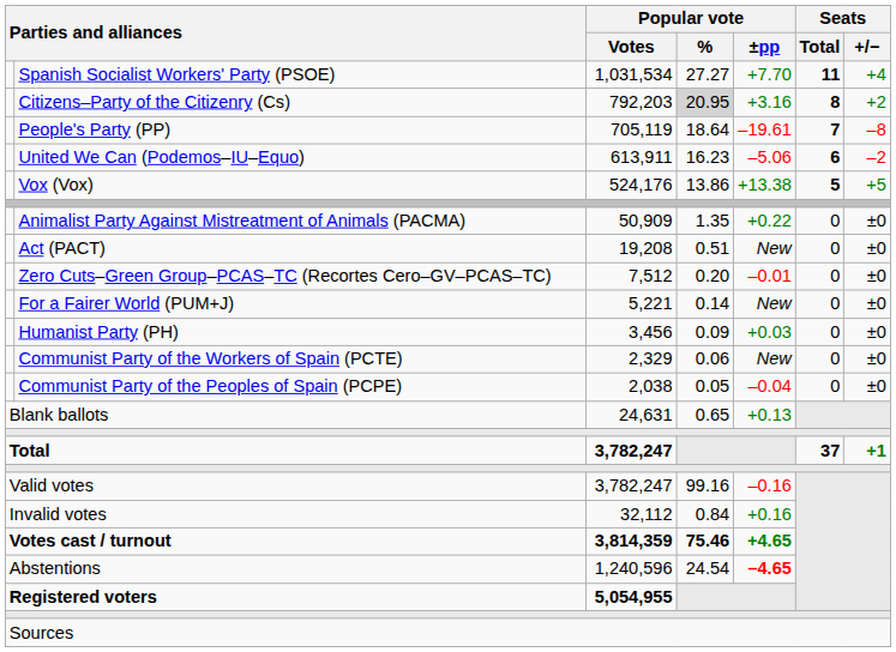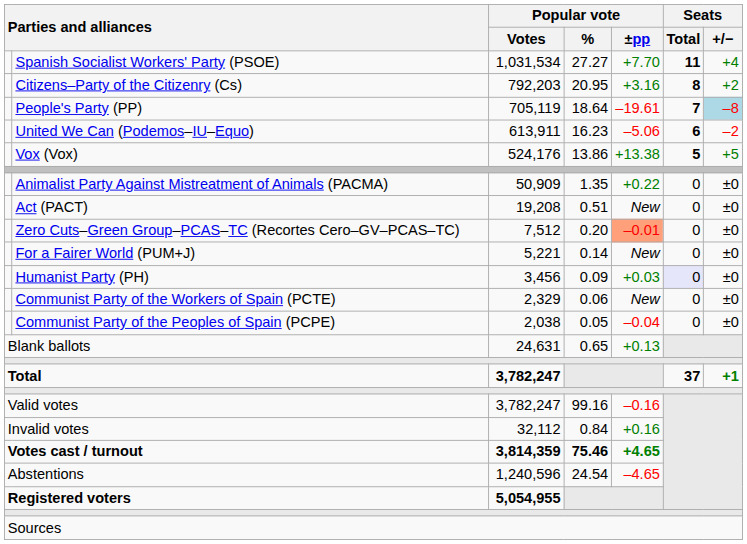 <table class="wikitable" style="text-align:right;">
 <tr>
 <th style="text-align:left;" rowspan="2" colspan="2" width="525">Parties and alliances</th>
 <th colspan="3">Popular vote</th>
 <th colspan="2">Seats</th>
 </tr>
 <tr>
 <th width="75">Votes</th>
 <th width="45">%</th>
 <th width="45">±<a href='#'>pp</a></th>
 <th width="35">Total</th>
 <th width="35">+/−</th>
 </tr>
 <tr>
 <td width="1" style="color:inherit;background:"></td>
 <td align="left"><a href='#'>Spanish Socialist Workers' Party</a> (PSOE)</td>
 <td>1,031,534</td>
 <td>27.27</td>
 <td style="color:green;">+7.70</td>
 <td><strong>11</strong></td>
 <td style="color:green;">+4</td>
 </tr>
 <tr>
 <td style="color:inherit;background:"></td>
 <td align="left"><a href='#'>Citizens–Party of the Citizenry</a> (Cs)</td>
 <td>792,203</td>
-<td style="background: lightgrey;">20.95</td>
+<td>20.95</td>
 <td style="color:green;">+3.16</td>
 <td><strong>8</strong></td>
 <td style="color:green;">+2</td>
 </tr>
 <tr>
 <td style="color:inherit;background:"></td>
 <td align="left"><a href='#'>People's Party</a> (PP)</td>
 <td>705,119</td>
 <td>18.64</td>
 <td style="color:red;">–19.61</td>
 <td><strong>7</strong></td>
-<td style="color:red;">–8</td>
+<td style="background: lightblue; color:red;">–8</td>
 </tr>
 <tr>
 <td style="color:inherit;background:"></td>
 <td align="left"><a href='#'>United We Can</a> (<a href='#'>Podemos</a>–<a href='#'>IU</a>–<a href='#'>Equo</a>)</td>
 <td>613,911</td>
 <td>16.23</td>
 <td style="color:red;">–5.06</td>
 <td><strong>6</strong></td>
 <td style="color:red;">–2</td>
 </tr>
 <tr>
 <td style="color:inherit;background:"></td>
 <td align="left"><a href='#'>Vox</a> (Vox)</td>
 <td>524,176</td>
 <td>13.86</td>
 <td style="color:green;">+13.38</td>
 <td><strong>5</strong></td>
 <td style="color:green;">+5</td>
 </tr>
 <tr>
 <td colspan="7" bgcolor="#C0C0C0"></td>
 </tr>
 <tr>
 <td style="color:inherit;background:"></td>
 <td align="left"><a href='#'>Animalist Party Against Mistreatment of Animals</a> (PACMA)</td>
 <td>50,909</td>
 <td>1.35</td>
 <td style="color:green;">+0.22</td>
 <td>0</td>
 <td>±0</td>
 </tr>
 <tr>
 <td style="color:inherit;background:"></td>
 <td align="left"><a href='#'>Act</a> (PACT)</td>
 <td>19,208</td>
 <td>0.51</td>
 <td><em>New</em></td>
 <td>0</td>
 <td>±0</td>
 </tr>
 <tr>
 <td style="color:inherit;background:"></td>
 <td align="left"><a href='#'>Zero Cuts</a>–<a href='#'>Green Group</a>–<a href='#'>PCAS</a>–<a href='#'>TC</a> (Recortes Cero–GV–PCAS–TC)</td>
 <td>7,512</td>
 <td>0.20</td>
-<td style="color:red;">–0.01</td>
+<td style="background: lightsalmon; color:red;">–0.01</td>
 <td>0</td>
 <td>±0</td>
 </tr>
 <tr>
 <td style="color:inherit;background:"></td>
 <td align="left"><a href='#'>For a Fairer World</a> (PUM+J)</td>
 <td>5,221</td>
 <td>0.14</td>
 <td><em>New</em></td>
 <td>0</td>
 <td>±0</td>
 </tr>
 <tr>
 <td style="color:inherit;background:"></td>
 <td align="left"><a href='#'>Humanist Party</a> (PH)</td>
 <td>3,456</td>
 <td>0.09</td>
 <td style="color:green;">+0.03</td>
-<td>0</td>
+<td style="background: lavender;">0</td>
 <td>±0</td>
 </tr>
 <tr>
 <td style="color:inherit;background:"></td>
 <td align="left"><a href='#'>Communist Party of the Workers of Spain</a> (PCTE)</td>
 <td>2,329</td>
 <td>0.06</td>
 <td><em>New</em></td>
 <td>0</td>
 <td>±0</td>
 </tr>
 <tr>
 <td style="color:inherit;background:"></td>
 <td align="left"><a href='#'>Communist Party of the Peoples of Spain</a> (PCPE)</td>
 <td>2,038</td>
 <td>0.05</td>
 <td style="color:red;">–0.04</td>
 <td>0</td>
 <td>±0</td>
 </tr>
 <tr>
 <td align="left" colspan="2">Blank ballots</td>
 <td>24,631</td>
 <td>0.65</td>
 <td style="color:green;">+0.13</td>
 <td bgcolor="#E9E9E9" colspan="2"></td>
 </tr>
 <tr>
 <td colspan="7" bgcolor="#E9E9E9"></td>
 </tr>
 <tr style="font-weight:bold;">
 <td align="left" colspan="2">Total</td>
 <td>3,782,247</td>
 <td bgcolor="#E9E9E9" colspan="2"></td>
 <td>37</td>
 <td style="color:green;">+1</td>
 </tr>
 <tr>
 <td colspan="7" bgcolor="#E9E9E9"></td>
 </tr>
 <tr>
 <td align="left" colspan="2">Valid votes</td>
 <td>3,782,247</td>
 <td>99.16</td>
 <td style="color:red;">–0.16</td>
 <td bgcolor="#E9E9E9" colspan="2" rowspan="5"></td>
 </tr>
 <tr>
 <td align="left" colspan="2">Invalid votes</td>
 <td>32,112</td>
 <td>0.84</td>
 <td style="color:green;">+0.16</td>
 </tr>
 <tr style="font-weight:bold;">
 <td align="left" colspan="2">Votes cast / turnout</td>
 <td>3,814,359</td>
 <td>75.46</td>
 <td style="color:green;">+4.65</td>
 </tr>
 <tr>
 <td align="left" colspan="2">Abstentions</td>
 <td>1,240,596</td>
 <td>24.54</td>
-<td style="color:red;"><strong>–4.65</strong></td>
+<td style="color:red;">–4.65</td>
 </tr>
 <tr style="font-weight:bold;">
 <td align="left" colspan="2">Registered voters</td>
 <td>5,054,955</td>
 <td bgcolor="#E9E9E9" colspan="2"></td>
 </tr>
 <tr>
 <td colspan="7" bgcolor="#E9E9E9"></td>
 </tr>
 <tr>
 <td align="left" colspan="7">Sources</td>
 </tr>
 </table>
